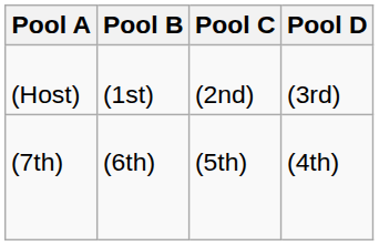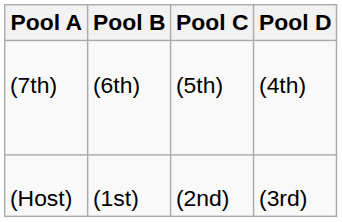 <table class="wikitable">
 <tr>
 <th width=25%>Pool A</th>
 <th width=25%>Pool B</th>
 <th width=25%>Pool C</th>
 <th width=25%>Pool D</th>
 </tr>
 <tr>
+<td valign=top><br> (7th)<br> <br> </td>
+<td valign=top><br> (6th)<br> <br> </td>
+<td valign=top><br> (5th)<br> <br> </td>
+<td><br> (4th)<br> <br> <br> </td>
+</tr>
+<tr>
 <td><br><strong></strong> (Host)</td>
 <td><br><strong></strong> (1st)</td>
 <td><br><strong></strong> (2nd)</td>
 <td><br><strong></strong> (3rd)</td>
 </tr>
-<tr>
-<td valign=top><br> (7th)<br> <br> </td>
-<td valign=top><br> (6th)<br> <br> </td>
-<td valign=top><br> (5th)<br> <br> </td>
-<td><br> (4th)<br> <br> <br> </td>
-</tr>
 </table>
